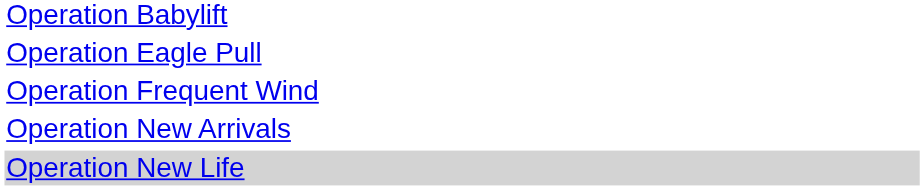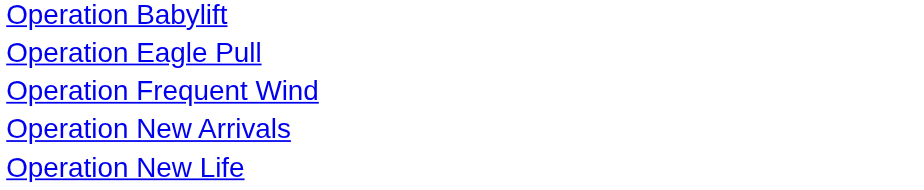 <table style="width: 60%; border: none; text-align: left;">
 <tr>
 <td><a href='#'>Operation Babylift</a></td>
 </tr>
 <tr>
 <td><a href='#'>Operation Eagle Pull</a></td>
 </tr>
 <tr>
 <td><a href='#'>Operation Frequent Wind</a></td>
 </tr>
 <tr>
 <td><a href='#'>Operation New Arrivals</a></td>
 </tr>
 <tr>
-<td style="background: lightgrey;"><a href='#'>Operation New Life</a></td>
+<td><a href='#'>Operation New Life</a></td>
 </tr>
 </table>
